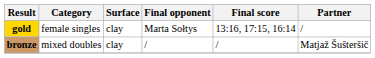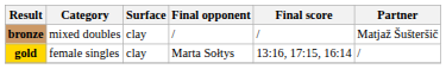 <table class=wikitable>
 <tr>
 <th>Result</th>
 <th>Category</th>
 <th>Surface</th>
 <th>Final opponent</th>
 <th>Final score</th>
 <th>Partner</th>
 </tr>
 <tr bgcolor=white>
+<th style="background:#c96;"><strong>bronze</strong></th>
+<td>mixed doubles</td>
+<td>clay</td>
+<td>/</td>
+<td>/</td>
+<td> Matjaž Šušteršič</td>
+</tr>
+<tr bgcolor=white>
 <th style="background:gold;"><strong>gold</strong></th>
 <td>female singles</td>
 <td>clay</td>
 <td> Marta Sołtys</td>
 <td>13:16, 17:15, 16:14</td>
 <td>/</td>
 </tr>
-<tr bgcolor=white>
-<th style="background:#c96;"><strong>bronze</strong></th>
-<td>mixed doubles</td>
-<td>clay</td>
-<td>/</td>
-<td>/</td>
-<td> Matjaž Šušteršič</td>
-</tr>
 <tr bgcolor=moccasin>
 </tr>
 </table>
